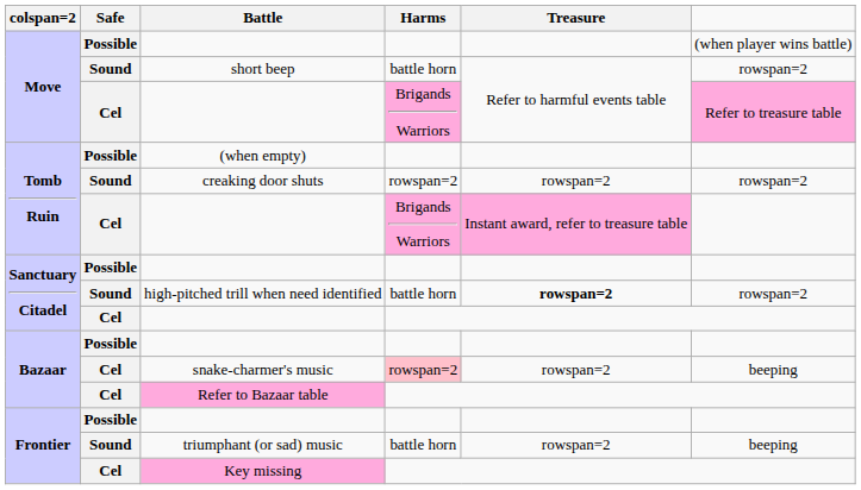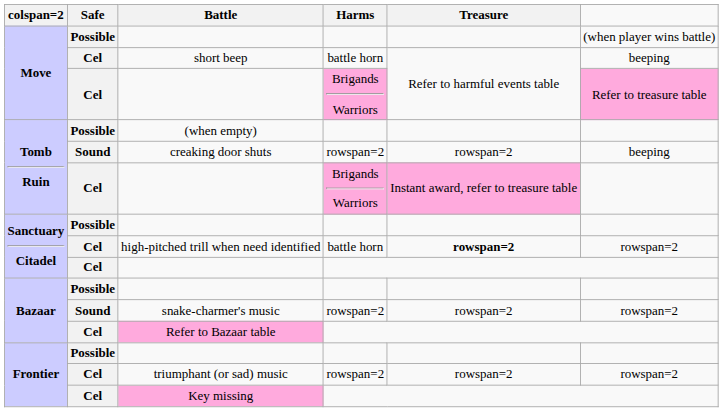 <table class="wikitable" style="font-size:90%;text-align:center;">
 <tr>
 <th>colspan=2 </th>
 <th>Safe</th>
 <th>Battle</th>
 <th>Harms</th>
 <th>Treasure</th>
 </tr>
 <tr>
 <th rowspan=3 style="background:#ccf;">Move</th>
 <th>Possible</th>
 <td></td>
 <td></td>
 <td></td>
 <td> (when player wins battle)</td>
 </tr>
 <tr>
-<th>Sound</th>
+<th>Cel</th>
 <td>short beep</td>
 <td>battle horn</td>
 <td rowspan=2>Refer to harmful events table</td>
-<td>rowspan=2 </td>
+<td>beeping</td>
 </tr>
 <tr>
 <th>Cel</th>
 <td></td>
 <td style="background:#fad;">Brigands<hr>Warriors</td>
 <td style="background:#fad;">Refer to treasure table</td>
 </tr>
 <tr>
 <th rowspan=3 style="background:#ccf;">Tomb<hr>Ruin</th>
 <th>Possible</th>
 <td> (when empty)</td>
 <td></td>
 <td></td>
 <td></td>
 </tr>
 <tr>
 <th>Sound</th>
 <td>creaking door shuts</td>
 <td>rowspan=2 </td>
 <td>rowspan=2 </td>
-<td>rowspan=2 </td>
+<td>beeping</td>
 </tr>
 <tr>
 <th>Cel</th>
 <td></td>
 <td style="background:#fad;">Brigands<hr>Warriors</td>
 <td style="background:#fad;">Instant award, refer to treasure table</td>
 </tr>
 <tr>
 <th rowspan=3 style="background:#ccf;">Sanctuary<hr>Citadel</th>
 <th>Possible</th>
 <td></td>
 <td></td>
 <td></td>
 <td></td>
 </tr>
 <tr>
-<th>Sound</th>
+<th>Cel</th>
 <td>high-pitched trill when need identified</td>
 <td>battle horn</td>
 <td><strong>rowspan=2 </strong></td>
 <td>rowspan=2 </td>
 </tr>
 <tr>
 <th>Cel</th>
 <td></td>
 </tr>
 <tr>
 <th rowspan=3 style="background:#ccf;">Bazaar</th>
 <th>Possible</th>
 <td></td>
 <td></td>
 <td></td>
 <td></td>
 </tr>
 <tr>
-<th>Cel</th>
+<th>Sound</th>
 <td>snake-charmer's music</td>
-<td style="background: pink;">rowspan=2 </td>
 <td>rowspan=2 </td>
-<td>beeping</td>
+<td>rowspan=2 </td>
+<td>rowspan=2 </td>
 </tr>
 <tr>
 <th>Cel</th>
 <td style="background:#fad;">Refer to Bazaar table</td>
 </tr>
 <tr>
 <th rowspan=3 style="background:#ccf;">Frontier</th>
 <th>Possible</th>
 <td></td>
 <td></td>
 <td></td>
 <td></td>
 </tr>
 <tr>
-<th>Sound</th>
+<th>Cel</th>
 <td>triumphant (or sad) music</td>
-<td>battle horn</td>
 <td>rowspan=2 </td>
-<td>beeping</td>
+<td>rowspan=2 </td>
+<td>rowspan=2 </td>
 </tr>
 <tr>
 <th>Cel</th>
 <td style="background:#fad;">Key missing</td>
 </tr>
 </table>
